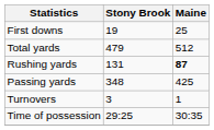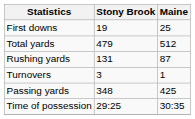 <table class="wikitable">
 <tr>
 <th>Statistics</th>
 <th>Stony Brook</th>
 <th>Maine</th>
 </tr>
 <tr>
 <td>First downs</td>
 <td>19</td>
 <td>25</td>
 </tr>
 <tr>
 <td>Total yards</td>
 <td>479</td>
 <td>512</td>
 </tr>
 <tr>
 <td>Rushing yards</td>
 <td>131</td>
-<td><strong>87</strong></td>
+<td>87</td>
+</tr>
+<tr>
+<td>Turnovers</td>
+<td>3</td>
+<td>1</td>
 </tr>
 <tr>
 <td>Passing yards</td>
 <td>348</td>
 <td>425</td>
-</tr>
-<tr>
-<td>Turnovers</td>
-<td>3</td>
-<td>1</td>
 </tr>
 <tr>
 <td>Time of possession</td>
 <td>29:25</td>
 <td>30:35</td>
 </tr>
 <tr>
 </tr>
 </table>
